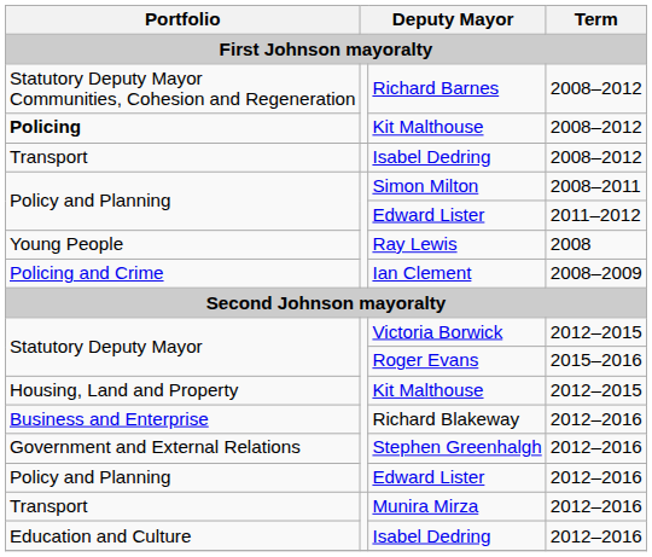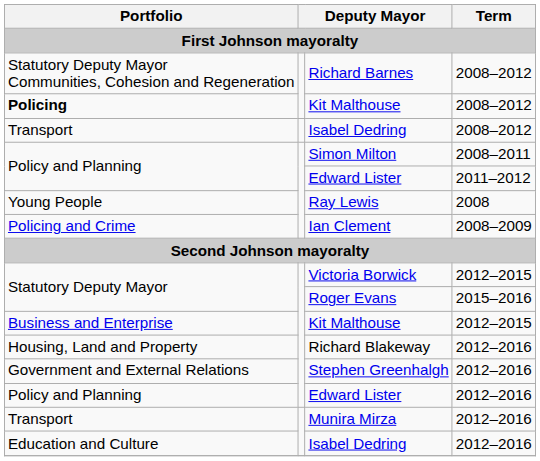 <table class="wikitable mw-collapsible">
 <tr>
 <th>Portfolio</th>
 <th colspan=2>Deputy Mayor</th>
 <th>Term</th>
 </tr>
 <tr>
 <th style="background:#cccccc;" colspan="5">First Johnson mayoralty</th>
 </tr>
 <tr>
 <td>Statutory Deputy Mayor<br>Communities, Cohesion and Regeneration</td>
 <td rowspan=2 style="background-color: "></td>
 <td><a href='#'>Richard Barnes</a> </td>
 <td>2008–2012</td>
 </tr>
 <tr>
 <td><strong>Policing</strong></td>
 <td><a href='#'>Kit Malthouse</a> </td>
 <td>2008–2012</td>
 </tr>
 <tr>
 <td>Transport</td>
 <td style="background-color: "></td>
 <td><a href='#'>Isabel Dedring</a></td>
 <td>2008–2012</td>
 </tr>
 <tr>
 <td rowspan=2>Policy and Planning</td>
 <td rowspan=4 style="background-color: "></td>
 <td><a href='#'>Simon Milton</a></td>
 <td>2008–2011</td>
 </tr>
 <tr>
 <td><a href='#'>Edward Lister</a></td>
 <td>2011–2012</td>
 </tr>
 <tr>
 <td>Young People</td>
 <td><a href='#'>Ray Lewis</a></td>
 <td>2008</td>
 </tr>
 <tr>
 <td><a href='#'>Policing and Crime</a></td>
 <td><a href='#'>Ian Clement</a></td>
 <td>2008–2009</td>
 </tr>
 <tr>
 <th style="background:#cccccc;" colspan="5">Second Johnson mayoralty</th>
 </tr>
 <tr>
 <td rowspan=2>Statutory Deputy Mayor</td>
 <td rowspan=6 style="background-color: "></td>
 <td><a href='#'>Victoria Borwick</a> </td>
 <td>2012–2015</td>
 </tr>
 <tr>
 <td><a href='#'>Roger Evans</a> </td>
 <td>2015–2016</td>
 </tr>
 <tr>
-<td>Housing, Land and Property</td>
+<td><a href='#'>Business and Enterprise</a></td>
 <td><a href='#'>Kit Malthouse</a> </td>
 <td>2012–2015</td>
 </tr>
 <tr>
-<td><a href='#'>Business and Enterprise</a></td>
+<td>Housing, Land and Property</td>
 <td>Richard Blakeway</td>
 <td>2012–2016</td>
 </tr>
 <tr>
 <td>Government and External Relations</td>
 <td><a href='#'>Stephen Greenhalgh</a></td>
 <td>2012–2016</td>
 </tr>
 <tr>
 <td>Policy and Planning</td>
 <td><a href='#'>Edward Lister</a></td>
 <td>2012–2016</td>
 </tr>
 <tr>
 <td>Transport</td>
 <td rowspan=2 style="background-color: "></td>
 <td><a href='#'>Munira Mirza</a></td>
 <td>2012–2016</td>
 </tr>
 <tr>
 <td>Education and Culture</td>
 <td><a href='#'>Isabel Dedring</a></td>
 <td>2012–2016</td>
 </tr>
 <tr>
 </tr>
 </table>
